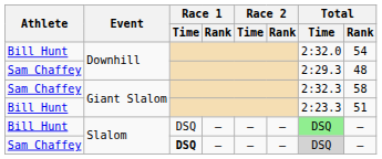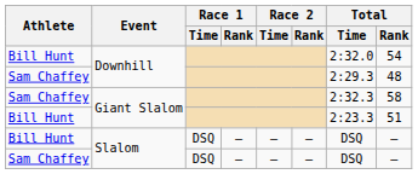 <table class="wikitable" style="font-size:90%">
 <tr>
 <th rowspan="2">Athlete</th>
 <th rowspan="2">Event</th>
 <th colspan="2">Race 1</th>
 <th colspan="2">Race 2</th>
 <th colspan="2">Total</th>
 </tr>
 <tr>
 <th>Time</th>
 <th>Rank</th>
 <th>Time</th>
 <th>Rank</th>
 <th>Time</th>
 <th>Rank</th>
 </tr>
 <tr>
 <td><a href='#'>Bill Hunt</a></td>
 <td rowspan="2">Downhill</td>
 <td colspan="4" bgcolor="wheat"></td>
 <td align="center">2:32.0</td>
 <td align="center">54</td>
 </tr>
 <tr>
 <td><a href='#'>Sam Chaffey</a></td>
 <td colspan="4" bgcolor="wheat"></td>
 <td align="center">2:29.3</td>
 <td align="center">48</td>
 </tr>
 <tr>
 <td><a href='#'>Sam Chaffey</a></td>
 <td rowspan="2">Giant Slalom</td>
 <td colspan="4" bgcolor="wheat"></td>
 <td align="center">2:32.3</td>
 <td align="center">58</td>
 </tr>
 <tr>
 <td><a href='#'>Bill Hunt</a></td>
 <td colspan="4" bgcolor="wheat"></td>
 <td align="center">2:23.3</td>
 <td align="center">51</td>
 </tr>
 <tr>
 <td><a href='#'>Bill Hunt</a></td>
 <td rowspan="2">Slalom</td>
 <td align="center">DSQ</td>
 <td align="center">–</td>
 <td align="center">–</td>
 <td align="center">–</td>
-<td align="center" style="background: lightgreen;">DSQ</td>
+<td align="center">DSQ</td>
 <td align="center">–</td>
 </tr>
 <tr>
 <td><a href='#'>Sam Chaffey</a></td>
-<td align="center"><strong>DSQ</strong></td>
+<td align="center">DSQ</td>
 <td align="center">–</td>
 <td align="center">–</td>
 <td align="center">–</td>
-<td align="center" style="background: lightgrey;">DSQ</td>
+<td align="center">DSQ</td>
 <td align="center">–</td>
 </tr>
 </table>
